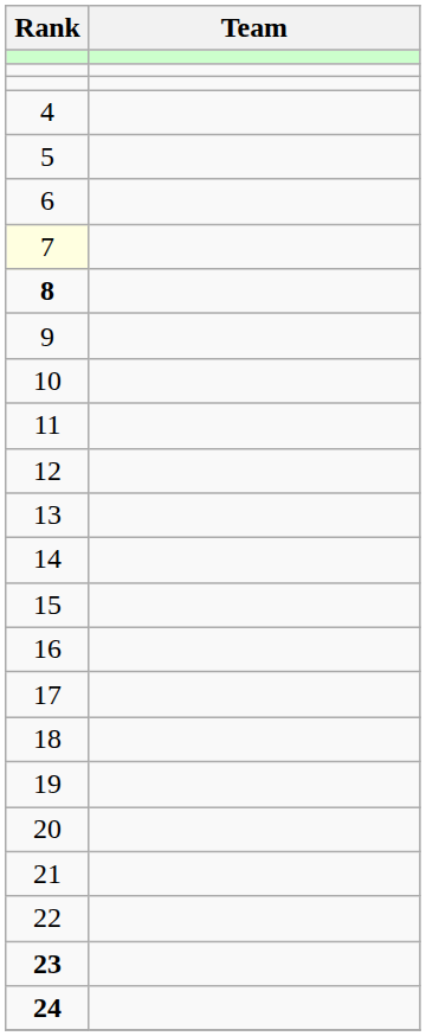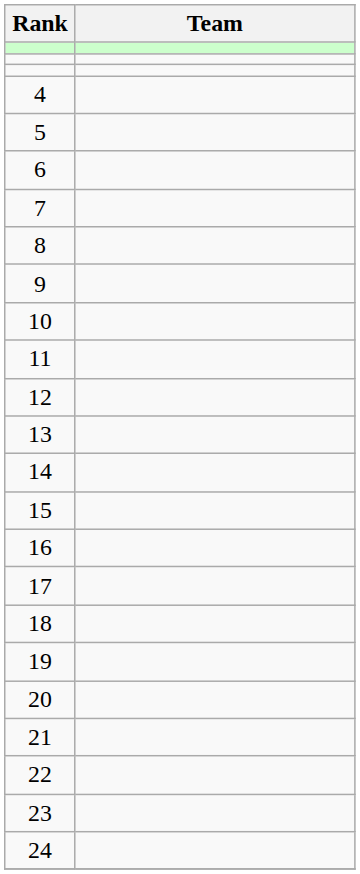 <table class="wikitable">
 <tr>
 <th style="width: 40px;">Rank</th>
 <th style="width: 180px;">Team</th>
 </tr>
 <tr bgcolor=#ccffcc>
 <td align=center></td>
 <td></td>
 </tr>
 <tr>
 <td align=center></td>
 <td></td>
 </tr>
 <tr>
 <td align=center></td>
 <td></td>
 </tr>
 <tr>
 <td align=center>4</td>
 <td></td>
 </tr>
 <tr>
 <td align=center>5</td>
 <td></td>
 </tr>
 <tr>
 <td align=center>6</td>
 <td></td>
 </tr>
 <tr>
-<td align=center style="background: lightyellow;">7</td>
+<td align=center>7</td>
 <td></td>
 </tr>
 <tr>
-<td align=center><strong>8</strong></td>
+<td align=center>8</td>
 <td></td>
 </tr>
 <tr>
 <td align=center>9</td>
 <td></td>
 </tr>
 <tr>
 <td align=center>10</td>
 <td></td>
 </tr>
 <tr>
 <td align=center>11</td>
 <td></td>
 </tr>
 <tr>
 <td align=center>12</td>
 <td></td>
 </tr>
 <tr>
 <td align=center>13</td>
 <td></td>
 </tr>
 <tr>
 <td align=center>14</td>
 <td></td>
 </tr>
 <tr>
 <td align=center>15</td>
 <td></td>
 </tr>
 <tr>
 <td align=center>16</td>
 <td></td>
 </tr>
 <tr>
 <td align=center>17</td>
 <td></td>
 </tr>
 <tr>
 <td align=center>18</td>
 <td></td>
 </tr>
 <tr>
 <td align=center>19</td>
 <td></td>
 </tr>
 <tr>
 <td align=center>20</td>
 <td></td>
 </tr>
 <tr>
 <td align=center>21</td>
 <td></td>
 </tr>
 <tr>
 <td align=center>22</td>
 <td></td>
 </tr>
 <tr>
-<td align=center><strong>23</strong></td>
+<td align=center>23</td>
 <td></td>
 </tr>
 <tr>
-<td align=center><strong>24</strong></td>
+<td align=center>24</td>
 <td></td>
 </tr>
 <tr>
 </tr>
 </table>
